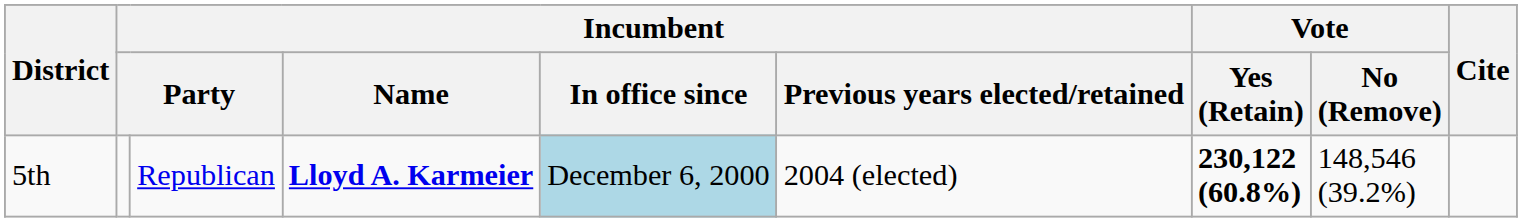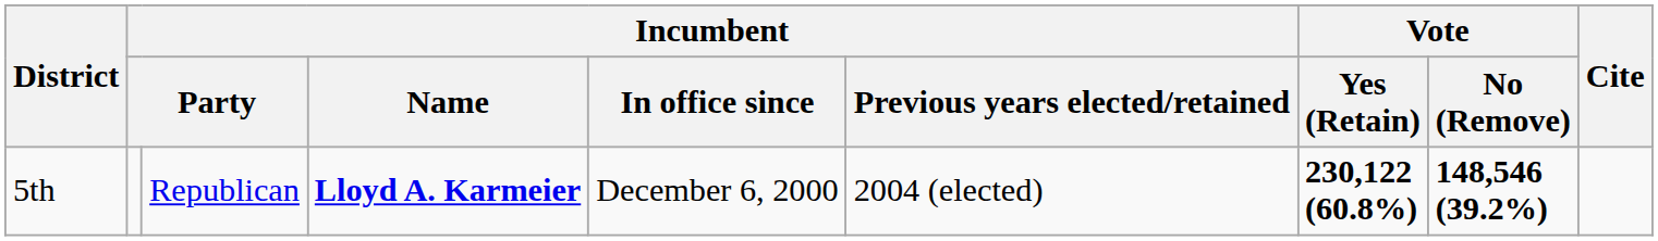 <table class="wikitable">
 <tr>
 <th rowspan =2>District</th>
 <th colspan=5>Incumbent</th>
 <th colspan="2">Vote</th>
 <th rowspan="2">Cite</th>
 </tr>
 <tr>
 <th colspan="2">Party</th>
 <th>Name</th>
 <th>In office since</th>
 <th>Previous years elected/retained</th>
 <th>Yes<br>(Retain)</th>
 <th>No<br>(Remove)</th>
 </tr>
 <tr>
 <td>5th</td>
 <td style="background-color:"></td>
 <td><a href='#'>Republican</a></td>
 <td><strong><a href='#'>Lloyd A. Karmeier</a></strong></td>
-<td style="background: lightblue;">December 6, 2000</td>
+<td>December 6, 2000</td>
 <td>2004 (elected)</td>
 <td><strong>230,122<br>(60.8%)</strong></td>
-<td>148,546<br>(39.2%)</td>
+<td><strong>148,546<br>(39.2%)</strong></td>
 <td></td>
 </tr>
 </table>
